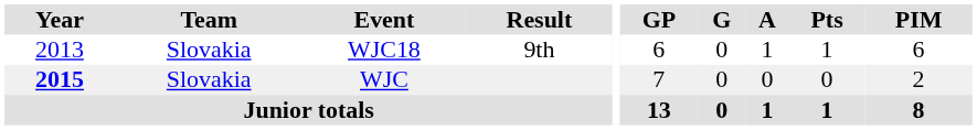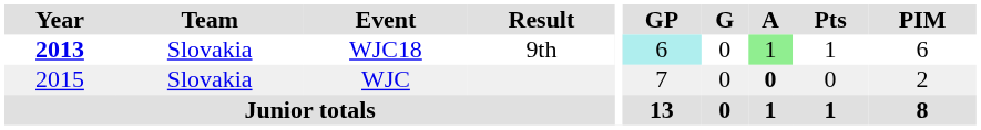 <table border="0" cellpadding="1" cellspacing="0" ID="Table3" style="text-align:center; width:40em">
 <tr ALIGN="center" bgcolor="#e0e0e0">
 <th>Year</th>
 <th>Team</th>
 <th>Event</th>
 <th>Result</th>
 <th rowspan="99" bgcolor="#ffffff"></th>
 <th>GP</th>
 <th>G</th>
 <th>A</th>
 <th>Pts</th>
 <th>PIM</th>
 </tr>
 <tr>
-<td><a href='#'>2013</a></td>
+<td><strong><a href='#'>2013</a></strong></td>
 <td><a href='#'>Slovakia</a></td>
 <td><a href='#'>WJC18</a></td>
 <td>9th</td>
-<td>6</td>
+<td style="background: paleturquoise;">6</td>
 <td>0</td>
-<td>1</td>
+<td style="background: lightgreen;">1</td>
 <td>1</td>
 <td>6</td>
 </tr>
 <tr bgcolor="#f0f0f0">
-<td><strong><a href='#'>2015</a></strong></td>
+<td><a href='#'>2015</a></td>
 <td><a href='#'>Slovakia</a></td>
 <td><a href='#'>WJC</a></td>
 <td></td>
 <td>7</td>
 <td>0</td>
-<td>0</td>
+<td><strong>0</strong></td>
 <td>0</td>
 <td>2</td>
 </tr>
 <tr bgcolor="#e0e0e0">
 <th colspan="4">Junior totals</th>
 <th>13</th>
 <th>0</th>
 <th>1</th>
 <th>1</th>
 <th>8</th>
 </tr>
 </table>
